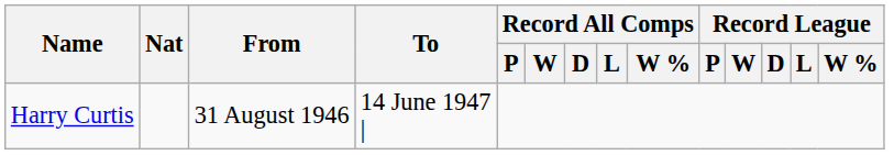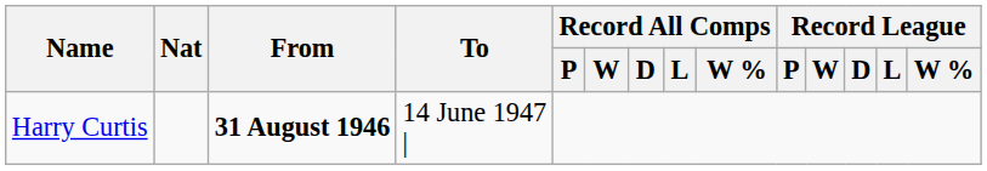 <table class="wikitable" style="text-align: center">
 <tr>
 <th rowspan="2">Name</th>
 <th rowspan="2">Nat</th>
 <th rowspan="2">From</th>
 <th rowspan="2">To</th>
 <th colspan="5">Record All Comps</th>
 <th colspan="5">Record League</th>
 </tr>
 <tr>
 <th>P</th>
 <th>W</th>
 <th>D</th>
 <th>L</th>
 <th>W %</th>
 <th>P</th>
 <th>W</th>
 <th>D</th>
 <th>L</th>
 <th>W %</th>
 </tr>
 <tr>
 <td align=left><a href='#'>Harry Curtis</a></td>
 <td></td>
-<td align=left>31 August 1946</td>
+<td align=left><strong>31 August 1946</strong></td>
 <td align=left>14 June 1947<br>|</td>
 </tr>
 </table>
